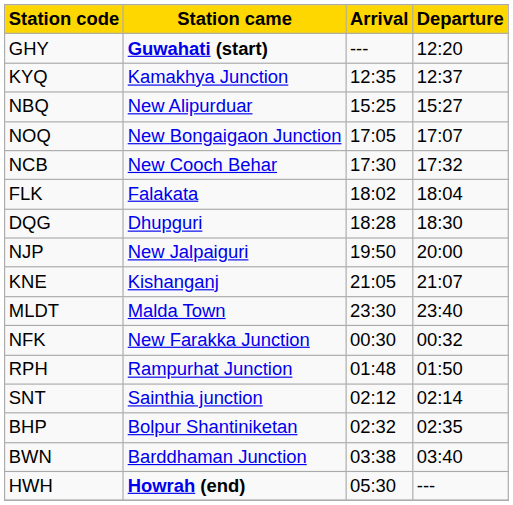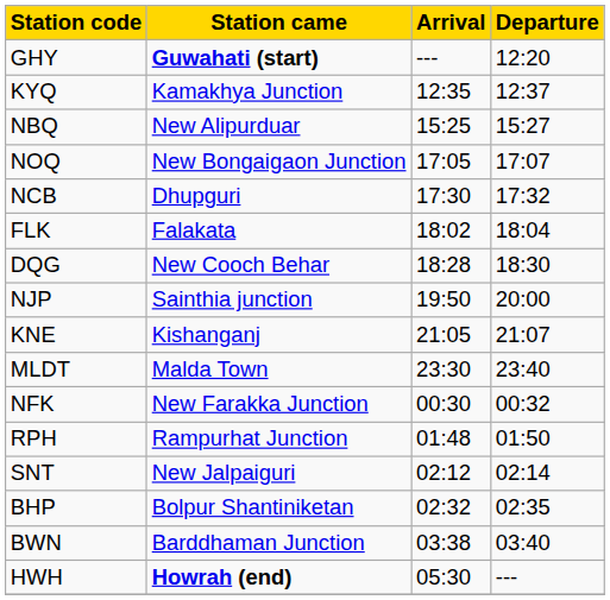 <table class="wikitable">
 <tr>
 <th style="background:gold;">Station code</th>
 <th ! style="background:gold;">Station came</th>
 <th ! style="background:gold;">Arrival</th>
 <th ! style="background:gold;">Departure</th>
 </tr>
 <tr>
 <td>GHY</td>
 <td><strong><a href='#'>Guwahati</a> (start)</strong></td>
 <td>---</td>
 <td>12:20</td>
 </tr>
 <tr>
 <td>KYQ</td>
 <td><a href='#'>Kamakhya Junction</a></td>
 <td>12:35</td>
 <td>12:37</td>
 </tr>
 <tr>
 <td>NBQ</td>
 <td><a href='#'>New Alipurduar</a></td>
 <td>15:25</td>
 <td>15:27</td>
 </tr>
 <tr>
 <td>NOQ</td>
 <td><a href='#'>New Bongaigaon Junction</a></td>
 <td>17:05</td>
 <td>17:07</td>
 </tr>
 <tr>
 <td>NCB</td>
-<td><a href='#'>New Cooch Behar</a></td>
+<td><a href='#'>Dhupguri</a></td>
 <td>17:30</td>
 <td>17:32</td>
 </tr>
 <tr>
 <td>FLK</td>
 <td><a href='#'>Falakata</a></td>
 <td>18:02</td>
 <td>18:04</td>
 </tr>
 <tr>
 <td>DQG</td>
-<td><a href='#'>Dhupguri</a></td>
+<td><a href='#'>New Cooch Behar</a></td>
 <td>18:28</td>
 <td>18:30</td>
 </tr>
 <tr>
 <td>NJP</td>
-<td><a href='#'>New Jalpaiguri</a></td>
+<td><a href='#'>Sainthia junction</a></td>
 <td>19:50</td>
 <td>20:00</td>
 </tr>
 <tr>
 <td>KNE</td>
 <td><a href='#'>Kishanganj</a></td>
 <td>21:05</td>
 <td>21:07</td>
 </tr>
 <tr>
 <td>MLDT</td>
 <td><a href='#'>Malda Town</a></td>
 <td>23:30</td>
 <td>23:40</td>
 </tr>
 <tr>
 <td>NFK</td>
 <td><a href='#'>New Farakka Junction</a></td>
 <td>00:30</td>
 <td>00:32</td>
 </tr>
 <tr>
 <td>RPH</td>
 <td><a href='#'>Rampurhat Junction</a></td>
 <td>01:48</td>
 <td>01:50</td>
 </tr>
 <tr>
 <td>SNT</td>
-<td><a href='#'>Sainthia junction</a></td>
+<td><a href='#'>New Jalpaiguri</a></td>
 <td>02:12</td>
 <td>02:14</td>
 </tr>
 <tr>
 <td>BHP</td>
 <td><a href='#'>Bolpur Shantiniketan</a></td>
 <td>02:32</td>
 <td>02:35</td>
 </tr>
 <tr>
 <td>BWN</td>
 <td><a href='#'>Barddhaman Junction</a></td>
 <td>03:38</td>
 <td>03:40</td>
 </tr>
 <tr>
 <td>HWH</td>
 <td><strong><a href='#'>Howrah</a> (end)</strong></td>
 <td>05:30</td>
 <td>---</td>
 </tr>
 <tr>
 </tr>
 </table>
